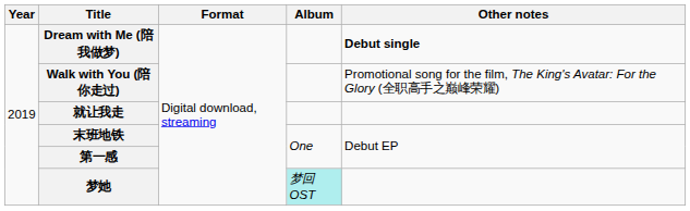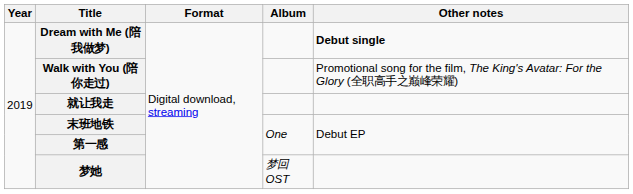 <table class="wikitable">
 <tr>
 <th>Year</th>
 <th>Title</th>
 <th>Format</th>
 <th>Album</th>
 <th>Other notes</th>
 </tr>
 <tr>
 <td rowspan="6">2019</td>
 <th scope="row">Dream with Me (陪我做梦)</th>
 <td rowspan="6">Digital download, <a href='#'>streaming</a></td>
 <td></td>
 <td><strong>Debut single</strong></td>
 </tr>
 <tr>
 <th scope="row">Walk with You (陪你走过)</th>
 <td></td>
 <td>Promotional song for the film, <em>The King's Avatar: For the Glory</em> (全职高手之巅峰荣耀)</td>
 </tr>
 <tr>
 <th scope="row">就让我走</th>
 <td></td>
 <td></td>
 </tr>
 <tr>
 <th scope="row">末班地铁</th>
 <td rowspan="2"><em>One</em></td>
 <td rowspan="2">Debut EP</td>
 </tr>
 <tr>
 <th scope="row">第一感</th>
 </tr>
 <tr>
 <th scope="row">梦她</th>
-<td style="background: paleturquoise;"><em>梦回 OST</em></td>
+<td><em>梦回 OST</em></td>
 <td></td>
 </tr>
 </table>
